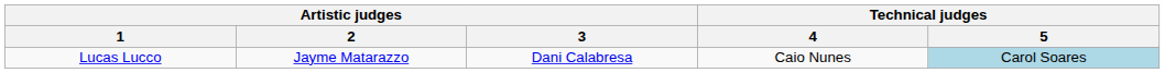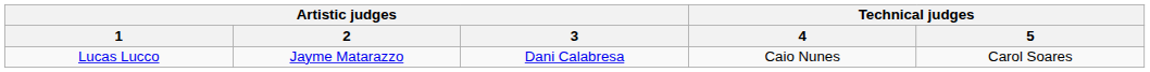 <table class="wikitable" style="font-size:100%; line-height:16px; text-align:center" width="100%">
 <tr>
 <th colspan=3>Artistic judges</th>
 <th colspan=2>Technical judges</th>
 </tr>
 <tr>
 <th width="20.0%">1</th>
 <th width="20.0%">2</th>
 <th width="20.0%">3</th>
 <th width="20.0%">4</th>
 <th width="20.0%">5</th>
 </tr>
 <tr>
 <td><a href='#'>Lucas Lucco</a></td>
 <td><a href='#'>Jayme Matarazzo</a></td>
 <td><a href='#'>Dani Calabresa</a></td>
 <td>Caio Nunes</td>
-<td style="background: lightblue;">Carol Soares</td>
+<td>Carol Soares</td>
 </tr>
 </table>
